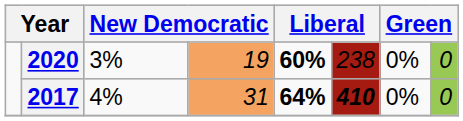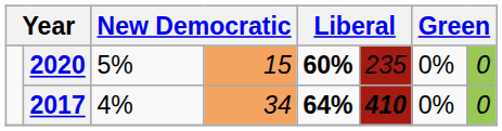 <table class="wikitable" style="float:right; width:400; font-size:90%; margin-left:1em;">
 <tr>
 <th colspan="2" scope="col">Year</th>
 <th colspan="2" scope="col"><a href='#'>New Democratic</a></th>
 <th colspan="2" scope="col"><a href='#'>Liberal</a></th>
 <th colspan="2" scope="col"><a href='#'>Green</a></th>
 </tr>
 <tr>
 <td rowspan="2" style="width: 0.25em; background-color: "></td>
 <th><a href='#'>2020</a></th>
-<td>3%</td>
-<td style="text-align:right; background:#F4A460;"><em>19</em></td>
+<td>5%</td>
+<td style="text-align:right; background:#F4A460;"><em>15</em></td>
 <td><span> <strong>60%</strong></span></td>
-<td style="text-align:right; background:#A51B12;"><span> <em>238</em></span></td>
+<td style="text-align:right; background:#A51B12;"><span> <em>235</em></span></td>
 <td>0%</td>
 <td style="text-align:right; background:#99C955;"><em>0</em></td>
 </tr>
 <tr>
 <th><a href='#'>2017</a></th>
 <td>4%</td>
-<td style="text-align:right; background:#F4A460;"><em>31</em></td>
+<td style="text-align:right; background:#F4A460;"><em>34</em></td>
 <td><span> <strong>64%</strong></span></td>
 <td style="text-align:right; background:#A51B12;"><strong><span> <em>410</em></span></strong></td>
 <td>0%</td>
 <td style="text-align:right; background:#99C955;"><em>0</em></td>
 </tr>
 <tr>
 </tr>
 </table>
